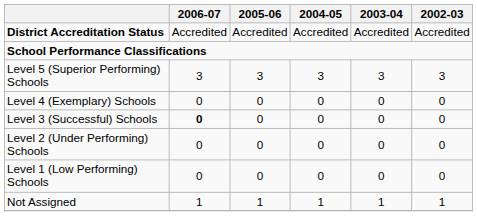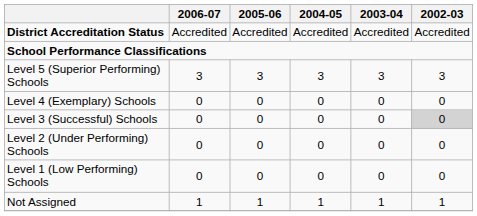 <table class="wikitable" style="font-size: 95%;">
 <tr>
 <th></th>
 <th>2006-07</th>
 <th>2005-06</th>
 <th>2004-05</th>
 <th>2003-04</th>
 <th>2002-03</th>
 </tr>
 <tr>
 <td align="left"><strong>District Accreditation Status</strong></td>
 <td align="center">Accredited</td>
 <td align="center">Accredited</td>
 <td align="center">Accredited</td>
 <td align="center">Accredited</td>
 <td align="center">Accredited</td>
 </tr>
 <tr>
 <td align="left" colspan="6"><strong>School Performance Classifications</strong></td>
 </tr>
 <tr>
 <td align="left">Level 5 (Superior Performing) Schools</td>
 <td align="center">3</td>
 <td align="center">3</td>
 <td align="center">3</td>
 <td align="center">3</td>
 <td align="center">3</td>
 </tr>
 <tr>
 <td align="left">Level 4 (Exemplary) Schools</td>
 <td align="center">0</td>
 <td align="center">0</td>
 <td align="center">0</td>
 <td align="center">0</td>
 <td align="center">0</td>
 </tr>
 <tr>
 <td align="left">Level 3 (Successful) Schools</td>
-<td align="center"><strong>0</strong></td>
 <td align="center">0</td>
 <td align="center">0</td>
 <td align="center">0</td>
 <td align="center">0</td>
+<td align="center" style="background: lightgrey;">0</td>
 </tr>
 <tr>
 <td align="left">Level 2 (Under Performing) Schools</td>
 <td align="center">0</td>
 <td align="center">0</td>
 <td align="center">0</td>
 <td align="center">0</td>
 <td align="center">0</td>
 </tr>
 <tr>
 <td align="left">Level 1 (Low Performing) Schools</td>
 <td align="center">0</td>
 <td align="center">0</td>
 <td align="center">0</td>
 <td align="center">0</td>
 <td align="center">0</td>
 </tr>
 <tr>
 <td align="left">Not Assigned</td>
 <td align="center">1</td>
 <td align="center">1</td>
 <td align="center">1</td>
 <td align="center">1</td>
 <td align="center">1</td>
 </tr>
 <tr>
 </tr>
 </table>
